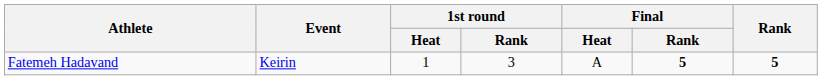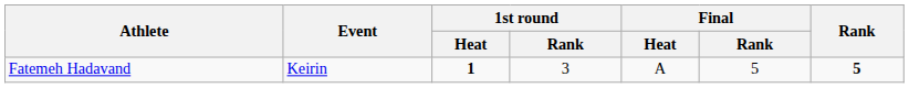 <table class="wikitable" width="65%" style="text-align:center; font-size:90%">
 <tr>
 <th rowspan="2" width="15%">Athlete</th>
 <th rowspan="2" width="8%">Event</th>
 <th colspan="2" width="10%">1st round</th>
 <th colspan="2" width="10%">Final</th>
 <th rowspan="2" width="5%">Rank</th>
 </tr>
 <tr>
 <th width="4%">Heat</th>
 <th>Rank</th>
 <th width="4%">Heat</th>
 <th>Rank</th>
 </tr>
 <tr>
 <td align="left"><a href='#'>Fatemeh Hadavand</a></td>
 <td align="left"><a href='#'>Keirin</a></td>
-<td>1</td>
+<td><strong>1</strong></td>
 <td>3 <strong></strong></td>
 <td>A</td>
-<td><strong>5</strong></td>
+<td>5</td>
 <td align=center><strong>5</strong></td>
 </tr>
 </table>
